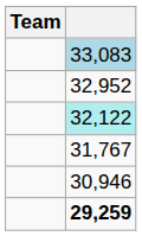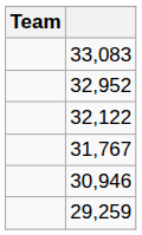 <table class="wikitable" style="display:inline-table;">
 <tr>
 </tr>
 <tr>
 <th>Team</th>
 <th></th>
 </tr>
 <tr>
 <td></td>
-<td align=right style="background: lightblue;">33,083</td>
+<td align=right>33,083</td>
 </tr>
 <tr>
 <td></td>
 <td align=right>32,952</td>
 </tr>
 <tr>
 <td></td>
-<td align=right style="background: paleturquoise;">32,122</td>
+<td align=right>32,122</td>
 </tr>
 <tr>
 <td></td>
 <td align=right>31,767</td>
 </tr>
 <tr>
 <td></td>
 <td align=right>30,946</td>
 </tr>
 <tr>
 <td></td>
-<td align=right><strong>29,259</strong></td>
+<td align=right>29,259</td>
 </tr>
 </table>
